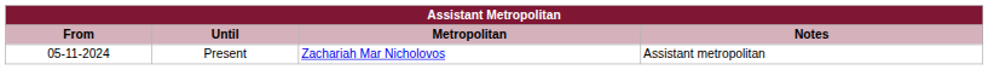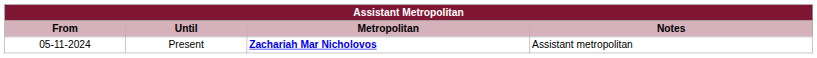 <table class="wikitable" style="width: 100%;">
 <tr>
 <th colspan="4" style="background-color: #7F1734; color: white;">Assistant Metropolitan</th>
 </tr>
 <tr>
 <th style="background-color: #D4B1BB; width: 15%;">From</th>
 <th style="background-color: #D4B1BB; width: 15%;">Until</th>
 <th style="background-color: #D4B1BB; width: 35%;">Metropolitan</th>
 <th style="background-color: #D4B1BB; width: 35%;">Notes</th>
 </tr>
 <tr valign="top" style="background-color: white;">
 <td style="text-align: center;">05-11-2024</td>
 <td style="text-align: center;">Present</td>
-<td><a href='#'>Zachariah Mar Nicholovos</a></td>
+<td><strong><a href='#'>Zachariah Mar Nicholovos</a></strong></td>
 <td>Assistant metropolitan</td>
 </tr>
 </table>
